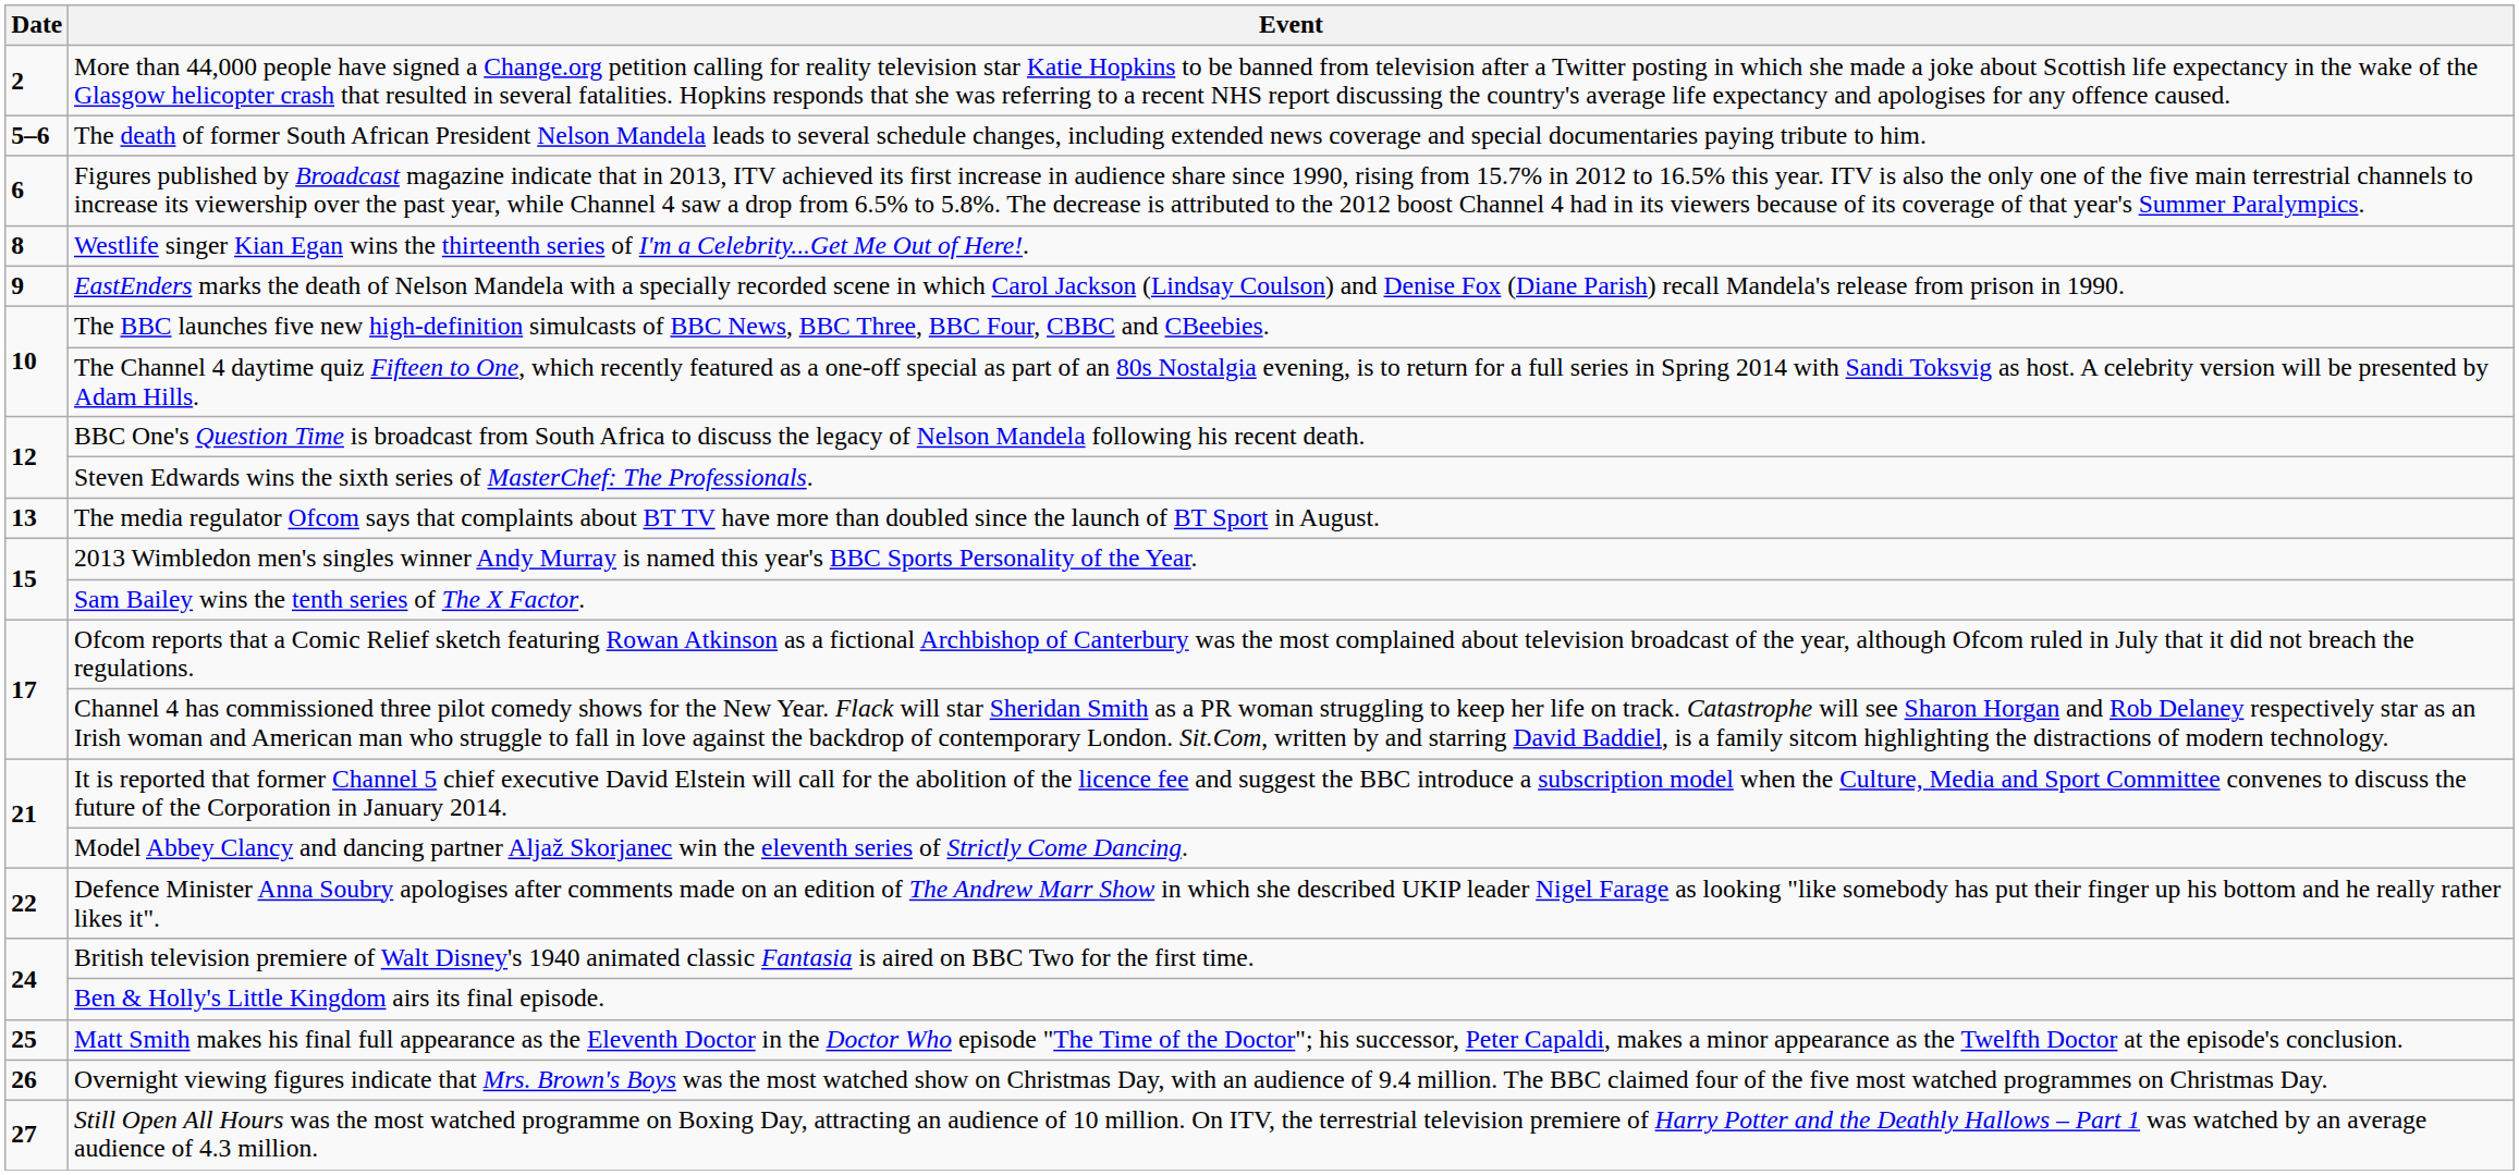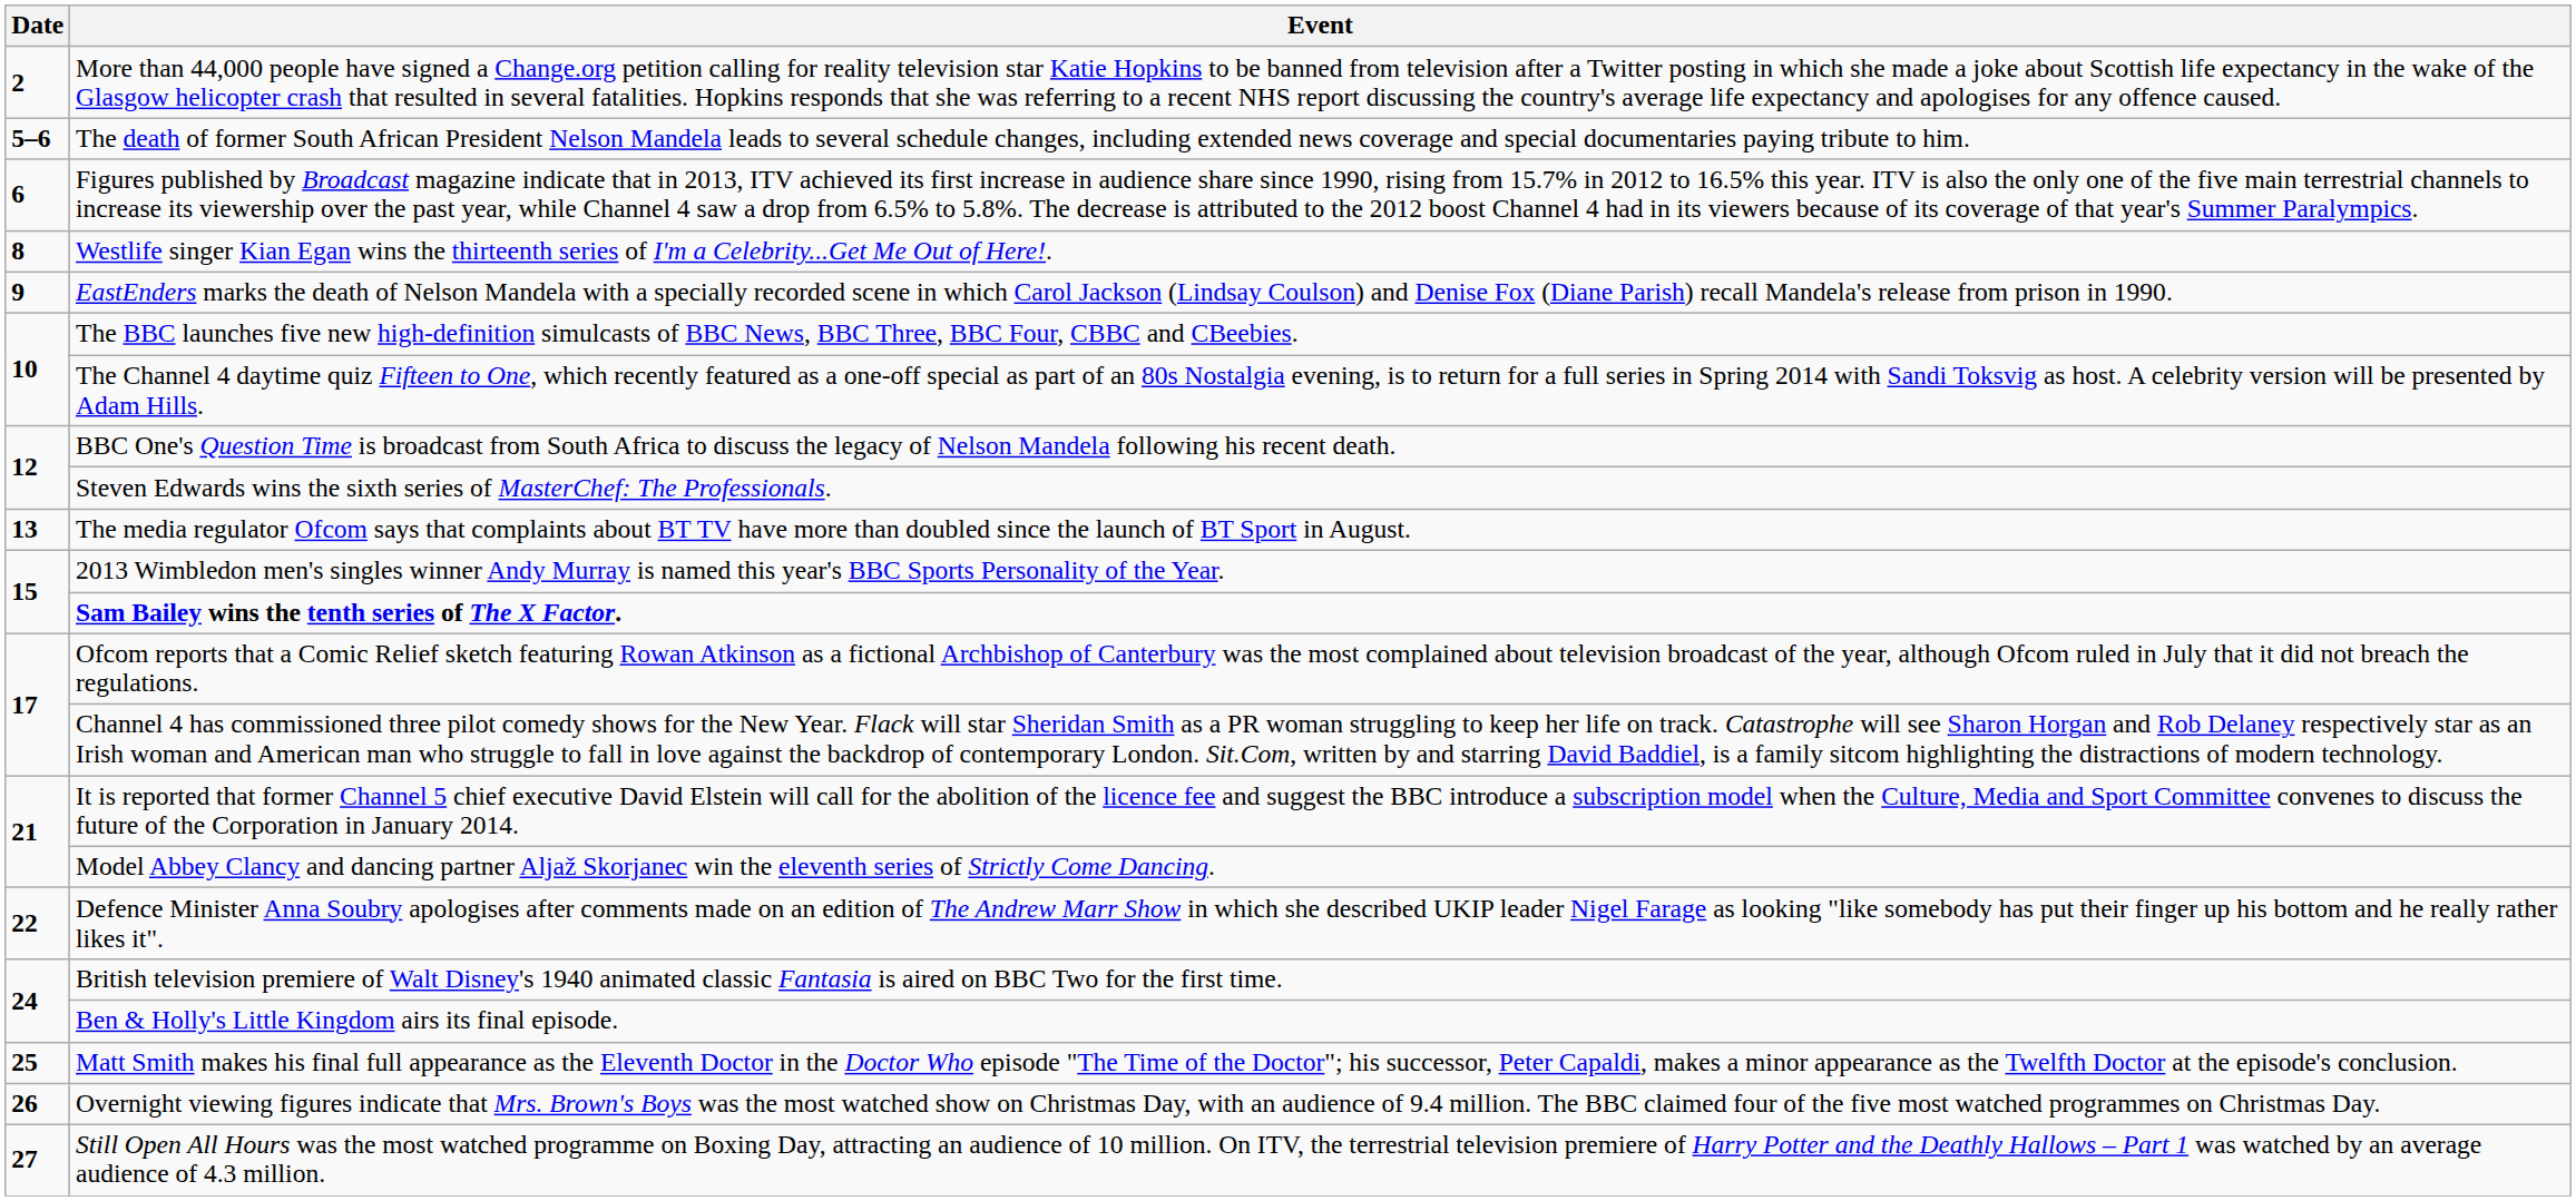 <table class="wikitable">
 <tr>
 <th>Date</th>
 <th>Event</th>
 </tr>
 <tr>
 <td><strong>2</strong></td>
 <td>More than 44,000 people have signed a <a href='#'>Change.org</a> petition calling for reality television star <a href='#'>Katie Hopkins</a> to be banned from television after a Twitter posting in which she made a joke about Scottish life expectancy in the wake of the <a href='#'>Glasgow helicopter crash</a> that resulted in several fatalities. Hopkins responds that she was referring to a recent NHS report discussing the country's average life expectancy and apologises for any offence caused.</td>
 </tr>
 <tr>
 <td><strong>5–6</strong></td>
 <td>The <a href='#'>death</a> of former South African President <a href='#'>Nelson Mandela</a> leads to several schedule changes, including extended news coverage and special documentaries paying tribute to him.</td>
 </tr>
 <tr>
 <td><strong>6</strong></td>
 <td>Figures published by <em><a href='#'>Broadcast</a></em> magazine indicate that in 2013, ITV achieved its first increase in audience share since 1990, rising from 15.7% in 2012 to 16.5% this year. ITV is also the only one of the five main terrestrial channels to increase its viewership over the past year, while Channel 4 saw a drop from 6.5% to 5.8%. The decrease is attributed to the 2012 boost Channel 4 had in its viewers because of its coverage of that year's <a href='#'>Summer Paralympics</a>.</td>
 </tr>
 <tr>
 <td><strong>8</strong></td>
 <td><a href='#'>Westlife</a> singer <a href='#'>Kian Egan</a> wins the <a href='#'>thirteenth series</a> of <em><a href='#'>I'm a Celebrity...Get Me Out of Here!</a></em>.</td>
 </tr>
 <tr>
 <td><strong>9</strong></td>
 <td><em><a href='#'>EastEnders</a></em> marks the death of Nelson Mandela with a specially recorded scene in which <a href='#'>Carol Jackson</a> (<a href='#'>Lindsay Coulson</a>) and <a href='#'>Denise Fox</a> (<a href='#'>Diane Parish</a>) recall Mandela's release from prison in 1990.</td>
 </tr>
 <tr>
 <td rowspan=2><strong>10</strong></td>
 <td>The <a href='#'>BBC</a> launches five new <a href='#'>high-definition</a> simulcasts of <a href='#'>BBC News</a>, <a href='#'>BBC Three</a>, <a href='#'>BBC Four</a>, <a href='#'>CBBC</a> and <a href='#'>CBeebies</a>.</td>
 </tr>
 <tr>
 <td>The Channel 4 daytime quiz <em><a href='#'>Fifteen to One</a></em>, which recently featured as a one-off special as part of an <a href='#'>80s Nostalgia</a> evening, is to return for a full series in Spring 2014 with <a href='#'>Sandi Toksvig</a> as host. A celebrity version will be presented by <a href='#'>Adam Hills</a>.</td>
 </tr>
 <tr>
 <td rowspan=2><strong>12</strong></td>
 <td>BBC One's <em><a href='#'>Question Time</a></em> is broadcast from South Africa to discuss the legacy of <a href='#'>Nelson Mandela</a> following his recent death.</td>
 </tr>
 <tr>
 <td>Steven Edwards wins the sixth series of <em><a href='#'>MasterChef: The Professionals</a></em>.</td>
 </tr>
 <tr>
 <td><strong>13</strong></td>
 <td>The media regulator <a href='#'>Ofcom</a> says that complaints about <a href='#'>BT TV</a> have more than doubled since the launch of <a href='#'>BT Sport</a> in August.</td>
 </tr>
 <tr>
 <td rowspan=2><strong>15</strong></td>
 <td>2013 Wimbledon men's singles winner <a href='#'>Andy Murray</a> is named this year's <a href='#'>BBC Sports Personality of the Year</a>.</td>
 </tr>
 <tr>
-<td><a href='#'>Sam Bailey</a> wins the <a href='#'>tenth series</a> of <em><a href='#'>The X Factor</a></em>.</td>
+<td><strong><a href='#'>Sam Bailey</a> wins the <a href='#'>tenth series</a> of <em><a href='#'>The X Factor</a></em>.</strong></td>
 </tr>
 <tr>
 <td rowspan=2><strong>17</strong></td>
 <td>Ofcom reports that a Comic Relief sketch featuring <a href='#'>Rowan Atkinson</a> as a fictional <a href='#'>Archbishop of Canterbury</a> was the most complained about television broadcast of the year, although Ofcom ruled in July that it did not breach the regulations.</td>
 </tr>
 <tr>
 <td>Channel 4 has commissioned three pilot comedy shows for the New Year. <em>Flack</em> will star <a href='#'>Sheridan Smith</a> as a PR woman struggling to keep her life on track. <em>Catastrophe</em> will see <a href='#'>Sharon Horgan</a> and <a href='#'>Rob Delaney</a> respectively star as an Irish woman and American man who struggle to fall in love against the backdrop of contemporary London. <em>Sit.Com</em>, written by and starring <a href='#'>David Baddiel</a>, is a family sitcom highlighting the distractions of modern technology.</td>
 </tr>
 <tr>
 <td rowspan=2><strong>21</strong></td>
 <td>It is reported that former <a href='#'>Channel 5</a> chief executive David Elstein will call for the abolition of the <a href='#'>licence fee</a> and suggest the BBC introduce a <a href='#'>subscription model</a> when the <a href='#'>Culture, Media and Sport Committee</a> convenes to discuss the future of the Corporation in January 2014.</td>
 </tr>
 <tr>
 <td>Model <a href='#'>Abbey Clancy</a> and dancing partner <a href='#'>Aljaž Skorjanec</a> win the <a href='#'>eleventh series</a> of <em><a href='#'>Strictly Come Dancing</a></em>.</td>
 </tr>
 <tr>
 <td><strong>22</strong></td>
 <td>Defence Minister <a href='#'>Anna Soubry</a> apologises after comments made on an edition of <em><a href='#'>The Andrew Marr Show</a></em> in which she described UKIP leader <a href='#'>Nigel Farage</a> as looking "like somebody has put their finger up his bottom and he really rather likes it".</td>
 </tr>
 <tr>
 <td rowspan=2><strong>24</strong></td>
 <td>British television premiere of <a href='#'>Walt Disney</a>'s 1940 animated classic <em><a href='#'>Fantasia</a></em> is aired on BBC Two for the first time.</td>
 </tr>
 <tr>
 <td><a href='#'>Ben & Holly's Little Kingdom</a> airs its final episode.</td>
 </tr>
 <tr>
 <td><strong>25</strong></td>
 <td><a href='#'>Matt Smith</a> makes his final full appearance as the <a href='#'>Eleventh Doctor</a> in the <em><a href='#'>Doctor Who</a></em> episode "<a href='#'>The Time of the Doctor</a>"; his successor, <a href='#'>Peter Capaldi</a>, makes a minor appearance as the <a href='#'>Twelfth Doctor</a> at the episode's conclusion.</td>
 </tr>
 <tr>
 <td><strong>26</strong></td>
 <td>Overnight viewing figures indicate that <em><a href='#'>Mrs. Brown's Boys</a></em> was the most watched show on Christmas Day, with an audience of 9.4 million. The BBC claimed four of the five most watched programmes on Christmas Day.</td>
 </tr>
 <tr>
 <td><strong>27</strong></td>
 <td><em>Still Open All Hours</em> was the most watched programme on Boxing Day, attracting an audience of 10 million. On ITV, the terrestrial television premiere of <em><a href='#'>Harry Potter and the Deathly Hallows – Part 1</a></em> was watched by an average audience of 4.3 million.</td>
 </tr>
 </table>
